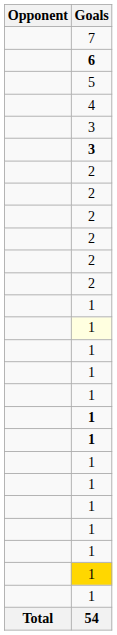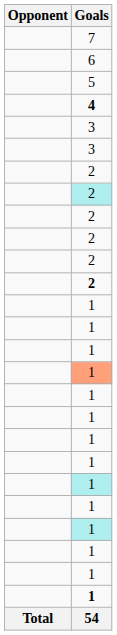 <table class="wikitable sortable">
 <tr>
 <th scope="col">Opponent</th>
 <th scope="col">Goals</th>
 </tr>
 <tr>
 <td></td>
 <td align="center">7</td>
 </tr>
 <tr>
 <td></td>
-<td align="center"><strong>6</strong></td>
+<td align="center">6</td>
 </tr>
 <tr>
 <td></td>
 <td align="center">5</td>
 </tr>
 <tr>
 <td></td>
-<td align="center">4</td>
+<td align="center"><strong>4</strong></td>
 </tr>
 <tr>
 <td></td>
 <td align="center">3</td>
 </tr>
 <tr>
 <td></td>
-<td align="center"><strong>3</strong></td>
+<td align="center">3</td>
+</tr>
+<tr>
+<td></td>
+<td align="center">2</td>
+</tr>
+<tr>
+<td></td>
+<td align="center" style="background: paleturquoise;">2</td>
 </tr>
 <tr>
 <td></td>
 <td align="center">2</td>
 </tr>
 <tr>
 <td></td>
 <td align="center">2</td>
 </tr>
 <tr>
 <td></td>
 <td align="center">2</td>
 </tr>
 <tr>
 <td></td>
-<td align="center">2</td>
-</tr>
-<tr>
-<td></td>
-<td align="center">2</td>
-</tr>
-<tr>
-<td></td>
-<td align="center">2</td>
-</tr>
-<tr>
-<td></td>
-<td align="center">1</td>
-</tr>
-<tr>
-<td></td>
-<td align="center" style="background: lightyellow;">1</td>
+<td align="center"><strong>2</strong></td>
 </tr>
 <tr>
 <td></td>
 <td align="center">1</td>
 </tr>
 <tr>
 <td></td>
 <td align="center">1</td>
 </tr>
 <tr>
 <td></td>
 <td align="center">1</td>
 </tr>
 <tr>
 <td></td>
-<td align="center"><strong>1</strong></td>
-</tr>
-<tr>
-<td></td>
-<td align="center"><strong>1</strong></td>
+<td align="center" style="background: lightsalmon;">1</td>
 </tr>
 <tr>
 <td></td>
 <td align="center">1</td>
 </tr>
 <tr>
 <td></td>
 <td align="center">1</td>
 </tr>
 <tr>
 <td></td>
 <td align="center">1</td>
 </tr>
 <tr>
 <td></td>
 <td align="center">1</td>
 </tr>
 <tr>
 <td></td>
-<td align="center">1</td>
-</tr>
-<tr>
-<td></td>
-<td align="center" style="background: gold;">1</td>
+<td align="center" style="background: paleturquoise;">1</td>
 </tr>
 <tr>
 <td></td>
 <td align="center">1</td>
 </tr>
 <tr>
+<td></td>
+<td align="center" style="background: paleturquoise;">1</td>
+</tr>
+<tr>
+<td></td>
+<td align="center">1</td>
+</tr>
+<tr>
+<td></td>
+<td align="center">1</td>
+</tr>
+<tr>
+<td></td>
+<td align="center"><strong>1</strong></td>
+</tr>
+<tr>
 <th scope="row">Total</th>
 <th>54</th>
 </tr>
 </table>
